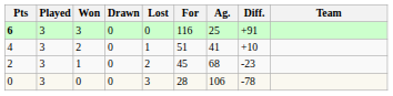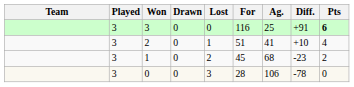 <table class="wikitable">
 <tr>
-<th width=40>Pts</th>
+<th width=165>Team</th>
 <th width=40>Played</th>
 <th width=40>Won</th>
 <th width=40>Drawn</th>
 <th width=40>Lost</th>
 <th width=40>For</th>
 <th width=40>Ag.</th>
 <th width=40>Diff.</th>
-<th width=165>Team</th>
+<th width=40>Pts</th>
 </tr>
 <tr bgcolor=#ccffcc align=left>
-<td><strong>6</strong></td>
+<td><strong></strong></td>
 <td>3</td>
 <td>3</td>
 <td>0</td>
 <td>0</td>
 <td>116</td>
 <td>25</td>
 <td>+91</td>
-<td><strong></strong></td>
+<td><strong>6</strong></td>
 </tr>
 <tr align=left>
-<td>4</td>
+<td></td>
 <td>3</td>
 <td>2</td>
 <td>0</td>
 <td>1</td>
 <td>51</td>
 <td>41</td>
 <td>+10</td>
-<td></td>
+<td>4</td>
 </tr>
 <tr align=left>
-<td>2</td>
+<td></td>
 <td>3</td>
 <td>1</td>
 <td>0</td>
 <td>2</td>
 <td>45</td>
 <td>68</td>
 <td>-23</td>
-<td></td>
+<td>2</td>
 </tr>
 <tr align=left bgcolor=#FAF8F0>
-<td>0</td>
+<td></td>
 <td>3</td>
 <td>0</td>
 <td>0</td>
 <td>3</td>
 <td>28</td>
 <td>106</td>
 <td>-78</td>
-<td></td>
+<td>0</td>
 </tr>
 </table>
